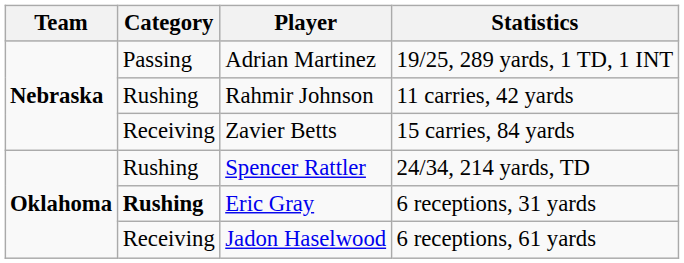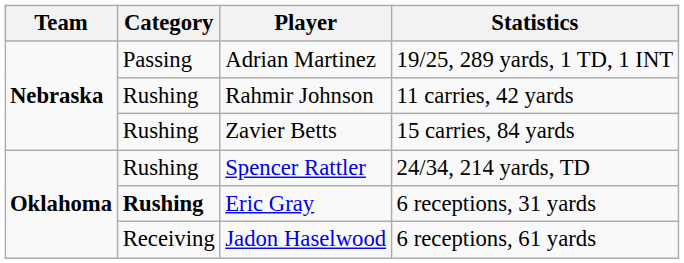 <table class="wikitable" style="float: right;">
 <tr>
 <th>Team</th>
 <th>Category</th>
 <th>Player</th>
 <th>Statistics</th>
 </tr>
 <tr>
 <td rowspan=3><strong>Nebraska</strong></td>
 <td>Passing</td>
 <td>Adrian Martinez</td>
 <td>19/25, 289 yards, 1 TD, 1 INT</td>
 </tr>
 <tr>
 <td>Rushing</td>
 <td>Rahmir Johnson</td>
 <td>11 carries, 42 yards</td>
 </tr>
 <tr>
-<td>Receiving</td>
+<td>Rushing</td>
 <td>Zavier Betts</td>
 <td>15 carries, 84 yards</td>
 </tr>
 <tr>
 <td rowspan=3><strong>Oklahoma</strong></td>
 <td>Rushing</td>
 <td><a href='#'>Spencer Rattler</a></td>
 <td>24/34, 214 yards, TD</td>
 </tr>
 <tr>
 <td><strong>Rushing</strong></td>
 <td><a href='#'>Eric Gray</a></td>
 <td>6 receptions, 31 yards</td>
 </tr>
 <tr>
 <td>Receiving</td>
 <td><a href='#'>Jadon Haselwood</a></td>
 <td>6 receptions, 61 yards</td>
 </tr>
 </table>
